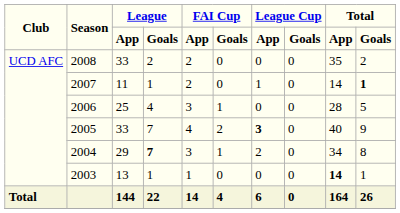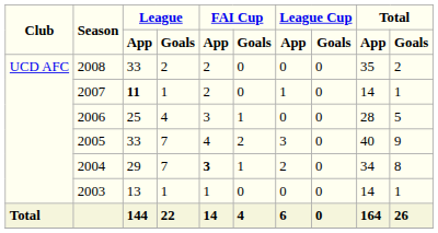 <table border=1 align=center cellpadding=4 cellspacing=2 style="background: ivory; font-size: 95%; border: 1px #aaaaaa solid; border-collapse: collapse; clear:center">
 <tr>
 <th rowspan="2">Club</th>
 <th rowspan="2">Season</th>
 <th colspan="2"><a href='#'>League</a></th>
 <th colspan="2"><a href='#'>FAI Cup</a></th>
 <th colspan="2"><a href='#'>League Cup</a></th>
 <th colspan="2">Total</th>
 </tr>
 <tr>
 <th>App</th>
 <th>Goals</th>
 <th>App</th>
 <th>Goals</th>
 <th>App</th>
 <th>Goals</th>
 <th>App</th>
 <th>Goals</th>
 </tr>
 <tr>
 <td rowspan="6" valign=top><a href='#'>UCD AFC</a></td>
 <td>2008</td>
 <td>33</td>
 <td>2</td>
 <td>2</td>
 <td>0</td>
 <td>0</td>
 <td>0</td>
 <td>35</td>
 <td>2</td>
 </tr>
 <tr>
 <td>2007</td>
-<td>11</td>
+<td><strong>11</strong></td>
 <td>1</td>
 <td>2</td>
 <td>0</td>
 <td>1</td>
 <td>0</td>
 <td>14</td>
-<td><strong>1</strong></td>
+<td>1</td>
 </tr>
 <tr>
 <td>2006</td>
 <td>25</td>
 <td>4</td>
 <td>3</td>
 <td>1</td>
 <td>0</td>
 <td>0</td>
 <td>28</td>
 <td>5</td>
 </tr>
 <tr>
 <td>2005</td>
 <td>33</td>
 <td>7</td>
 <td>4</td>
 <td>2</td>
-<td><strong>3</strong></td>
+<td>3</td>
 <td>0</td>
 <td>40</td>
 <td>9</td>
 </tr>
 <tr>
 <td>2004</td>
 <td>29</td>
-<td><strong>7</strong></td>
-<td>3</td>
+<td>7</td>
+<td><strong>3</strong></td>
 <td>1</td>
 <td>2</td>
 <td>0</td>
 <td>34</td>
 <td>8</td>
 </tr>
 <tr>
 <td>2003</td>
 <td>13</td>
 <td>1</td>
 <td>1</td>
 <td>0</td>
 <td>0</td>
 <td>0</td>
-<td><strong>14</strong></td>
+<td>14</td>
 <td>1</td>
 </tr>
 <tr>
 <th align=left style="background:beige">Total</th>
 <th align=left style="background:beige" colspan="1"></th>
 <th align=left style="background:beige">144</th>
 <th align=left style="background:beige">22</th>
 <th align=left style="background:beige">14</th>
 <th align=left style="background:beige">4</th>
 <th align=left style="background:beige">6</th>
 <th align=left style="background:beige">0</th>
 <th align=left style="background:beige">164</th>
 <th align=left style="background:beige">26</th>
 </tr>
 <tr>
 </tr>
 </table>
